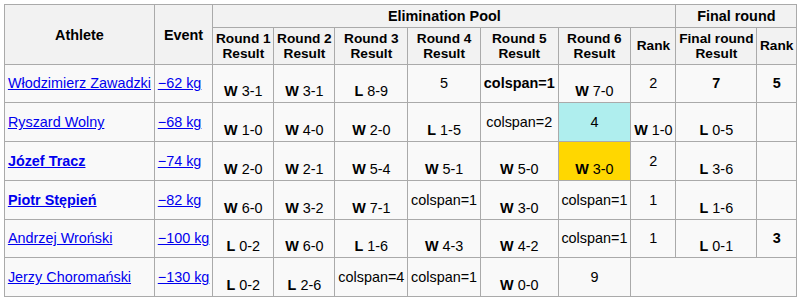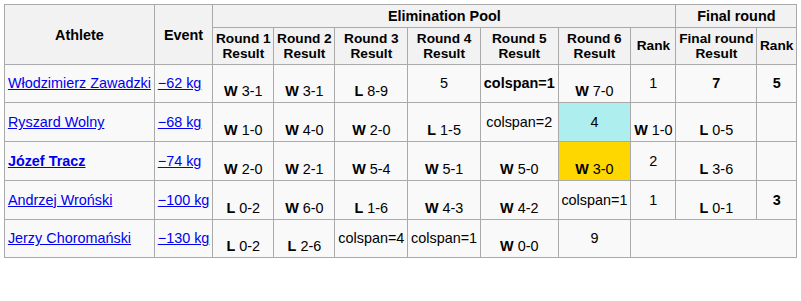 <table class="wikitable" style="font-size:90%">
 <tr>
 <th rowspan="2">Athlete</th>
 <th rowspan="2">Event</th>
 <th colspan=7>Elimination Pool</th>
 <th colspan=2>Final round</th>
 </tr>
 <tr style="font-size: 95%">
 <th>Round 1<br>Result</th>
 <th>Round 2<br>Result</th>
 <th>Round 3<br>Result</th>
 <th>Round 4<br>Result</th>
 <th>Round 5<br>Result</th>
 <th>Round 6<br>Result</th>
 <th>Rank</th>
 <th>Final round<br>Result</th>
 <th>Rank</th>
 </tr>
 <tr align=center>
 <td align=left><a href='#'>Włodzimierz Zawadzki</a></td>
 <td align=left><a href='#'>−62 kg</a></td>
 <td><br><strong>W</strong> 3-1</td>
 <td><br><strong>W</strong> 3-1</td>
 <td><br><strong>L</strong> 8-9</td>
 <td>5</td>
 <td><strong>colspan=1 </strong></td>
 <td><br><strong>W</strong> 7-0</td>
-<td>2</td>
+<td>1</td>
 <td><strong>7</strong></td>
 <td><strong>5</strong></td>
 </tr>
 <tr align=center>
 <td align=left><a href='#'>Ryszard Wolny</a></td>
 <td align=left><a href='#'>−68 kg</a></td>
 <td><br><strong>W</strong> 1-0</td>
 <td><br><strong>W</strong> 4-0</td>
 <td><br><strong>W</strong> 2-0</td>
 <td><br><strong>L</strong> 1-5</td>
 <td>colspan=2 </td>
 <td style="background: paleturquoise;">4</td>
 <td><br><strong>W</strong> 1-0</td>
 <td><br><strong>L</strong> 0-5</td>
 </tr>
 <tr align=center>
 <td align=left><strong><a href='#'>Józef Tracz</a></strong></td>
 <td align=left><a href='#'>−74 kg</a></td>
 <td><br><strong>W</strong> 2-0</td>
 <td><br><strong>W</strong> 2-1</td>
 <td><br><strong>W</strong> 5-4</td>
 <td><br><strong>W</strong> 5-1</td>
 <td><br><strong>W</strong> 5-0</td>
 <td style="background: gold;"><br><strong>W</strong> 3-0</td>
 <td>2</td>
 <td><br><strong>L</strong> 3-6</td>
 <td></td>
 </tr>
 <tr align=center>
-<td align=left><strong><a href='#'>Piotr Stępień</a></strong></td>
-<td align=left><a href='#'>−82 kg</a></td>
-<td><br><strong>W</strong> 6-0</td>
-<td><br><strong>W</strong> 3-2</td>
-<td><br><strong>W</strong> 7-1</td>
-<td>colspan=1 </td>
-<td><br><strong>W</strong> 3-0</td>
-<td>colspan=1 </td>
-<td>1</td>
-<td><br><strong>L</strong> 1-6</td>
-<td></td>
-</tr>
-<tr align=center>
 <td align=left><a href='#'>Andrzej Wroński</a></td>
 <td align=left><a href='#'>−100 kg</a></td>
 <td><br><strong>L</strong> 0-2</td>
 <td><br><strong>W</strong> 6-0</td>
 <td><br><strong>L</strong> 1-6</td>
 <td><br><strong>W</strong> 4-3</td>
 <td><br><strong>W</strong> 4-2</td>
 <td>colspan=1 </td>
 <td>1</td>
 <td><br><strong>L</strong> 0-1</td>
 <td><strong>3</strong></td>
 </tr>
 <tr align=center>
 <td align=left><a href='#'>Jerzy Choromański</a></td>
 <td align=left><a href='#'>−130 kg</a></td>
 <td><br><strong>L</strong> 0-2</td>
 <td><br><strong>L</strong> 2-6</td>
 <td>colspan=4 </td>
 <td>colspan=1 </td>
 <td><br><strong>W</strong> 0-0</td>
 <td>9</td>
 </tr>
 </table>
